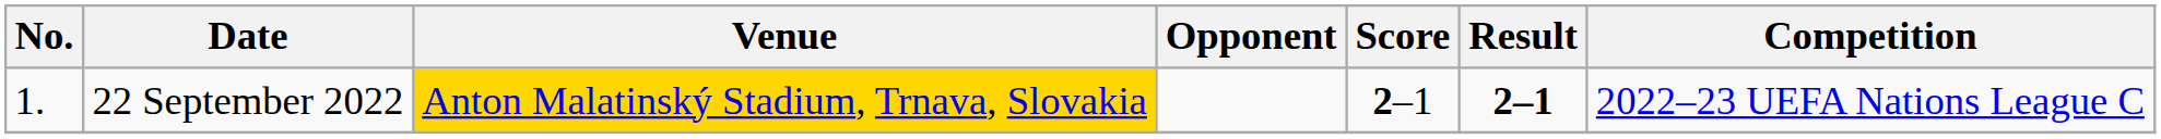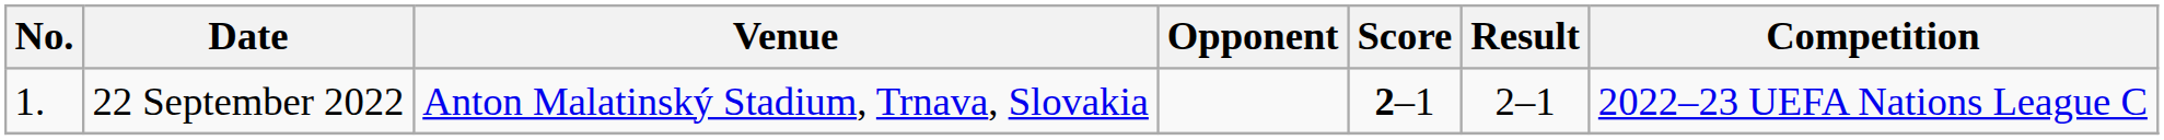 <table class="wikitable">
 <tr>
 <th>No.</th>
 <th>Date</th>
 <th>Venue</th>
 <th>Opponent</th>
 <th>Score</th>
 <th>Result</th>
 <th>Competition</th>
 </tr>
 <tr>
 <td>1.</td>
 <td>22 September 2022</td>
-<td style="background: gold;"><a href='#'>Anton Malatinský Stadium</a>, <a href='#'>Trnava</a>, <a href='#'>Slovakia</a></td>
+<td><a href='#'>Anton Malatinský Stadium</a>, <a href='#'>Trnava</a>, <a href='#'>Slovakia</a></td>
 <td></td>
 <td align=center><strong>2</strong>–1</td>
-<td align=center><strong>2–1</strong></td>
+<td align=center>2–1</td>
 <td><a href='#'>2022–23 UEFA Nations League C</a></td>
 </tr>
 <tr>
 </tr>
 </table>
